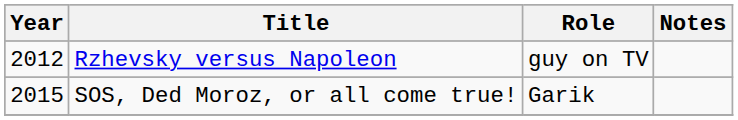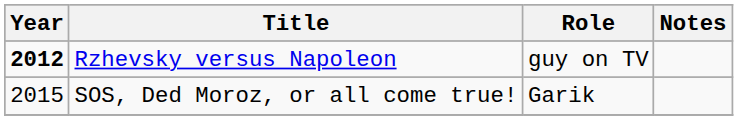 <table class="wikitable">
 <tr>
 <th>Year</th>
 <th>Title</th>
 <th>Role</th>
 <th>Notes</th>
 </tr>
 <tr>
-<td>2012</td>
+<td><strong>2012</strong></td>
 <td><a href='#'>Rzhevsky versus Napoleon</a></td>
 <td>guy on TV</td>
 <td></td>
 </tr>
 <tr>
 <td>2015</td>
 <td>SOS, Ded Moroz, or all come true!</td>
 <td>Garik</td>
 <td></td>
 </tr>
 <tr>
 </tr>
 </table>
